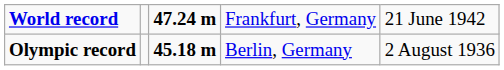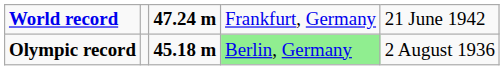 <table class="wikitable">
 <tr>
 <td><strong><a href='#'>World record</a></strong></td>
 <td></td>
 <td><strong>47.24 m</strong></td>
 <td><a href='#'>Frankfurt</a>, <a href='#'>Germany</a></td>
 <td>21 June 1942</td>
 </tr>
 <tr>
 <td><strong>Olympic record</strong></td>
 <td></td>
 <td><strong>45.18 m</strong></td>
-<td><a href='#'>Berlin</a>, <a href='#'>Germany</a></td>
+<td style="background: lightgreen;"><a href='#'>Berlin</a>, <a href='#'>Germany</a></td>
 <td>2 August 1936</td>
 </tr>
 </table>
